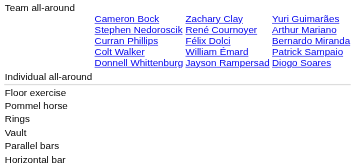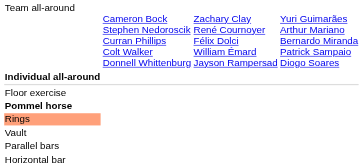 <table>
 <tr valign="top">
 <td>Team all-around<br></td>
 <td><br><a href='#'>Cameron Bock</a><br><a href='#'>Stephen Nedoroscik</a><br><a href='#'>Curran Phillips</a><br><a href='#'>Colt Walker</a><br><a href='#'>Donnell Whittenburg</a></td>
 <td><br><a href='#'>Zachary Clay</a><br><a href='#'>René Cournoyer</a><br><a href='#'>Félix Dolci</a><br><a href='#'>William Émard</a><br><a href='#'>Jayson Rampersad</a></td>
 <td><br><a href='#'>Yuri Guimarães</a><br><a href='#'>Arthur Mariano</a><br><a href='#'>Bernardo Miranda</a><br><a href='#'>Patrick Sampaio</a><br><a href='#'>Diogo Soares</a></td>
 </tr>
 <tr>
-<td>Individual all-around<br></td>
+<td><strong>Individual all-around<br></strong></td>
 <td></td>
 <td></td>
 <td></td>
 </tr>
 <tr bgcolor=#DDDDDD>
 <td colspan=7></td>
 </tr>
 <tr>
 <td>Floor exercise<br></td>
 <td></td>
 <td></td>
 <td></td>
 </tr>
 <tr>
-<td>Pommel horse<br></td>
+<td><strong>Pommel horse<br></strong></td>
 <td></td>
 <td></td>
 <td></td>
 </tr>
 <tr>
-<td>Rings<br></td>
+<td style="background: lightsalmon;">Rings<br></td>
 <td></td>
 <td></td>
 <td></td>
 </tr>
 <tr>
 <td>Vault<br></td>
 <td></td>
 <td></td>
 <td></td>
 </tr>
 <tr>
 <td>Parallel bars<br></td>
 <td></td>
 <td></td>
 <td></td>
 </tr>
 <tr>
 <td>Horizontal bar<br></td>
 <td></td>
 <td></td>
 <td></td>
 </tr>
 </table>
